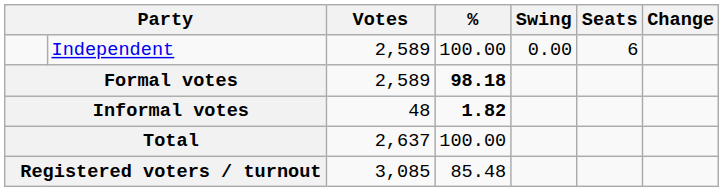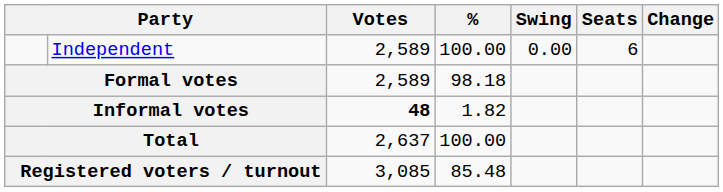 <table class="wikitable" style="text-align:right; margin-bottom:0">
 <tr>
 <th style="width:10px" colspan=3>Party</th>
 <th style="width:70px;">Votes</th>
 <th style="width:40px;">%</th>
 <th style="width:40px;">Swing</th>
 <th style="width:40px;">Seats</th>
 <th style="width:40px;">Change</th>
 </tr>
 <tr>
 <td> </td>
 <td style="text-align:left;" colspan="2"><a href='#'>Independent</a></td>
 <td>2,589</td>
 <td>100.00</td>
 <td>0.00</td>
 <td>6</td>
 <td></td>
 </tr>
 <tr>
 <th colspan="3" rowspan="1"> Formal votes</th>
 <td>2,589</td>
-<td><strong>98.18</strong></td>
+<td>98.18</td>
 <td></td>
 <td></td>
 <td></td>
 </tr>
 <tr>
 <th colspan="3" rowspan="1"> Informal votes</th>
-<td>48</td>
-<td><strong>1.82</strong></td>
+<td><strong>48</strong></td>
+<td>1.82</td>
 <td></td>
 <td></td>
 <td></td>
 </tr>
 <tr>
 <th colspan="3" rowspan="1"> Total</th>
 <td>2,637</td>
 <td>100.00</td>
 <td></td>
 <td></td>
 <td></td>
 </tr>
 <tr>
 <th colspan="3" rowspan="1"> Registered voters / turnout</th>
 <td>3,085</td>
 <td>85.48</td>
 <td></td>
 <td></td>
 <td></td>
 </tr>
 </table>
